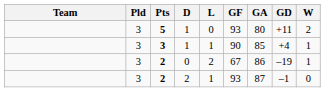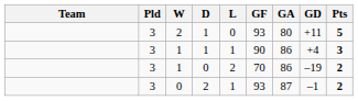 <table class="wikitable" style="text-align: center;">
 <tr>
 <th width="180">Team</th>
 <th width="30">Pld</th>
-<th width="30">Pts</th>
+<th width="30">W</th>
 <th width="30">D</th>
 <th width="30">L</th>
 <th width="30">GF</th>
 <th width="30">GA</th>
 <th width="30">GD</th>
-<th width="30">W</th>
+<th width="30">Pts</th>
 </tr>
 <tr>
 <td align="left"></td>
 <td>3</td>
-<td><strong>5</strong></td>
+<td>2</td>
 <td>1</td>
 <td>0</td>
 <td>93</td>
 <td>80</td>
 <td>+11</td>
-<td>2</td>
+<td><strong>5</strong></td>
 </tr>
 <tr>
 <td align="left"></td>
 <td>3</td>
-<td><strong>3</strong></td>
+<td>1</td>
 <td>1</td>
 <td>1</td>
 <td>90</td>
-<td>85</td>
+<td>86</td>
 <td>+4</td>
-<td>1</td>
+<td><strong>3</strong></td>
 </tr>
 <tr>
 <td align="left"></td>
 <td>3</td>
-<td><strong>2</strong></td>
+<td>1</td>
 <td>0</td>
 <td>2</td>
-<td>67</td>
+<td>70</td>
 <td>86</td>
 <td>–19</td>
-<td>1</td>
+<td><strong>2</strong></td>
 </tr>
 <tr>
 <td align="left"></td>
 <td>3</td>
-<td><strong>2</strong></td>
+<td>0</td>
 <td>2</td>
 <td>1</td>
 <td>93</td>
 <td>87</td>
 <td>–1</td>
-<td>0</td>
+<td><strong>2</strong></td>
 </tr>
 </table>
